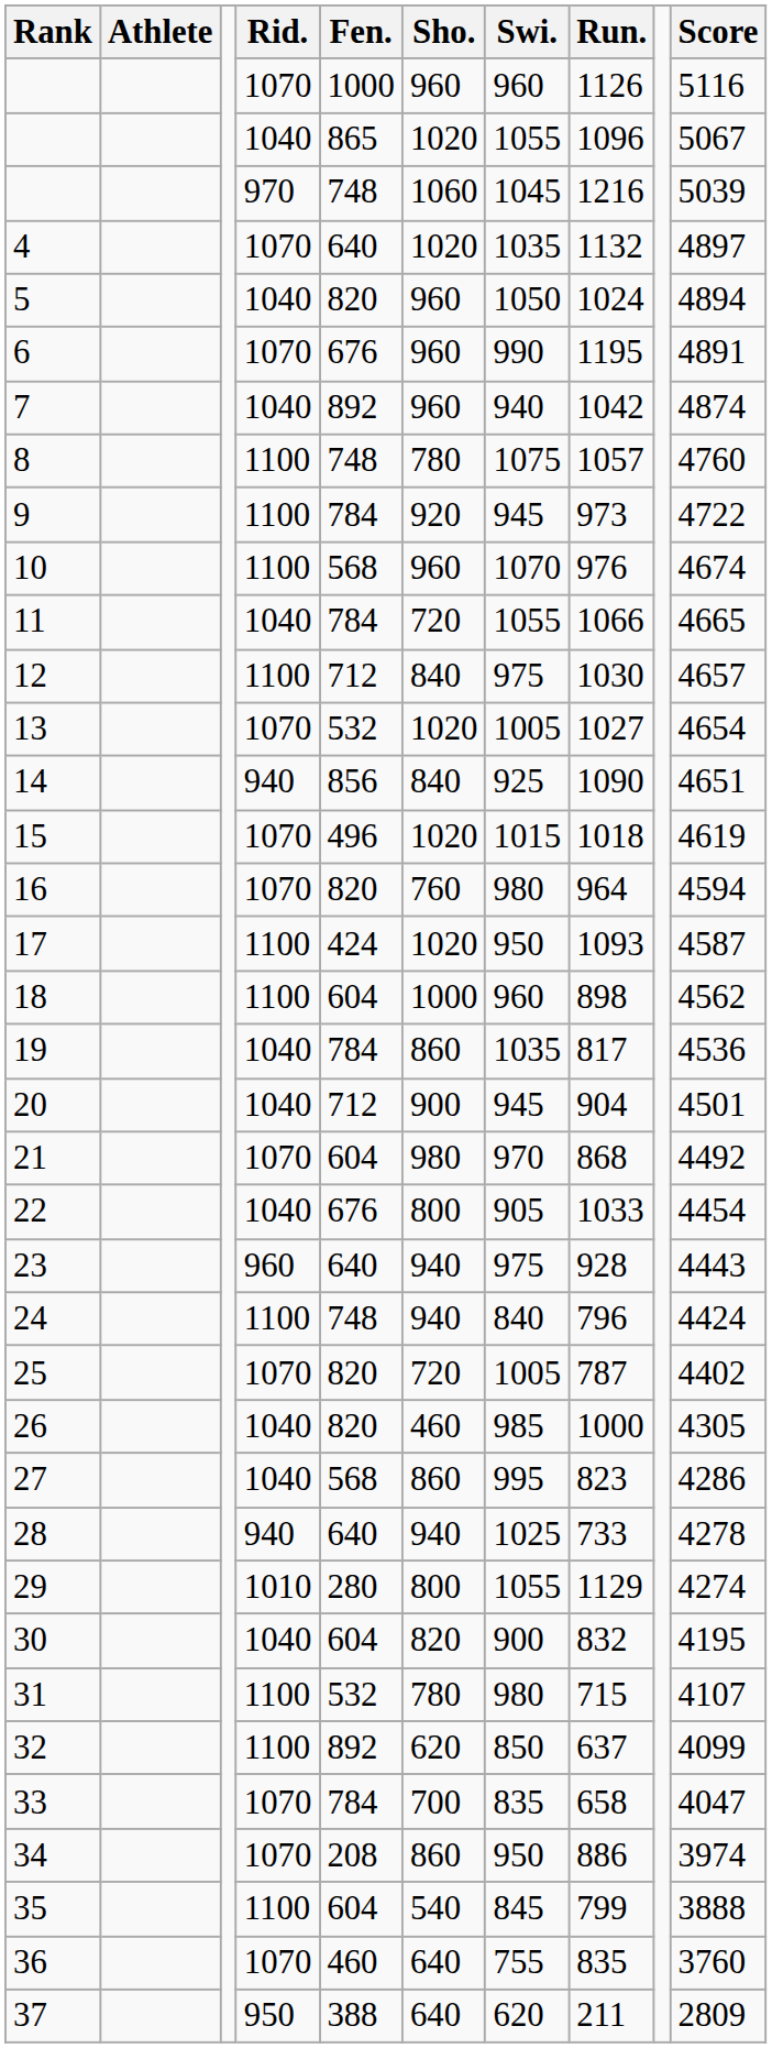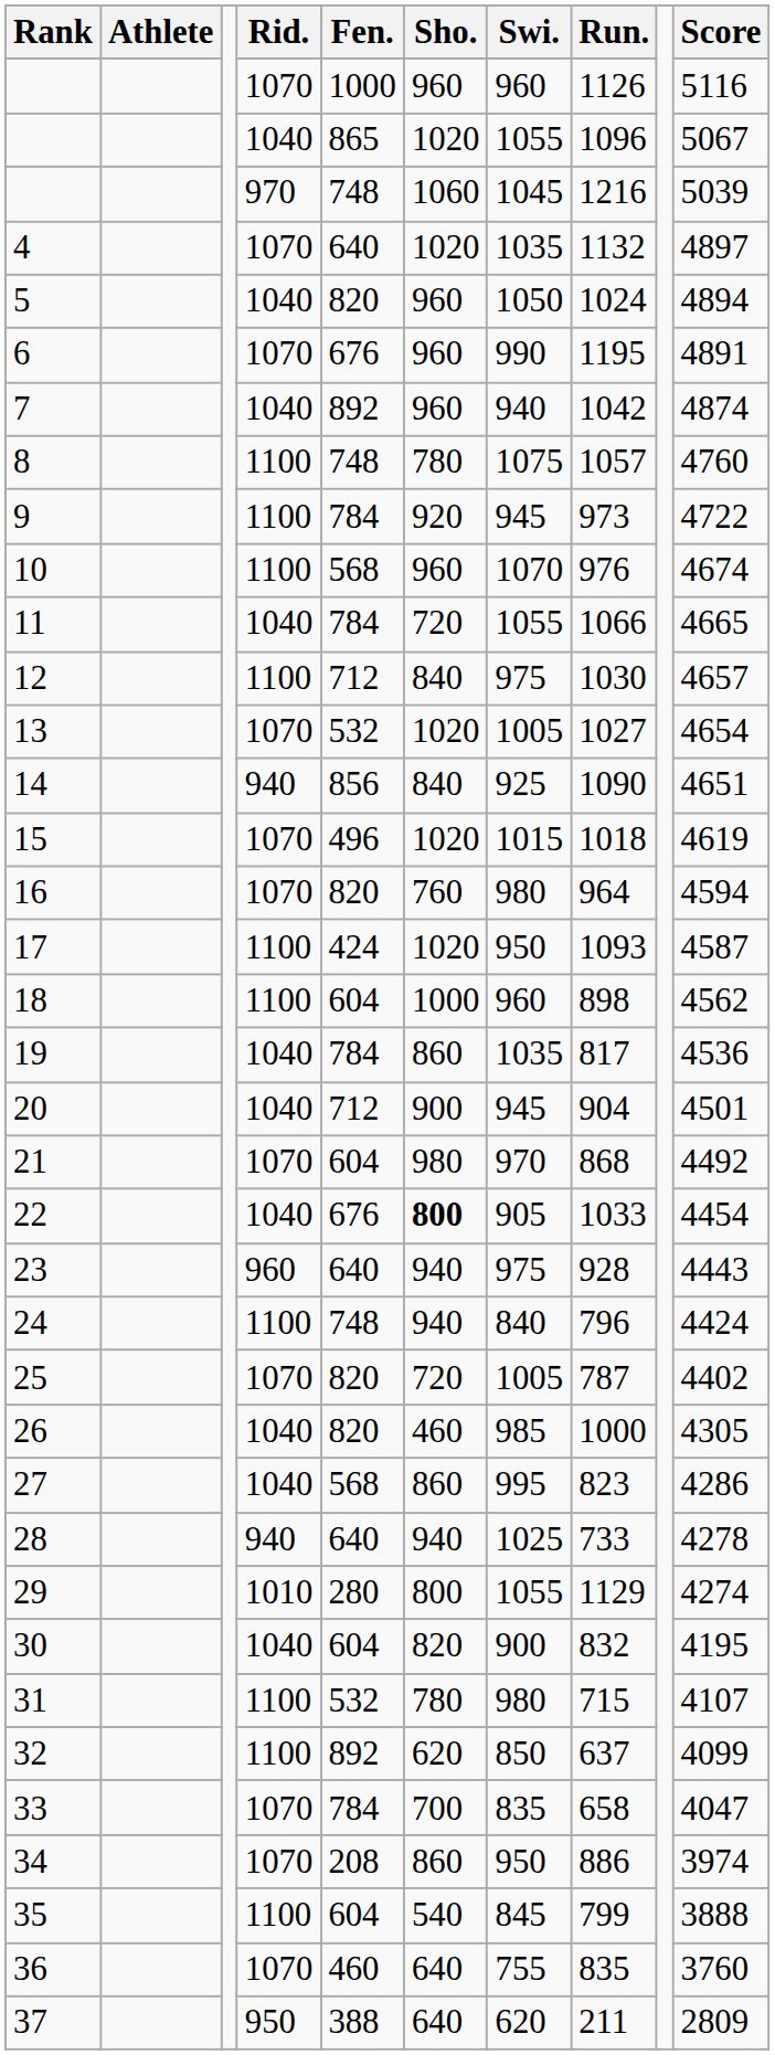 <table class="wikitable">
 <tr>
 <th>Rank</th>
 <th>Athlete</th>
 <td rowspan="38"></td>
 <th>Rid.</th>
 <th>Fen.</th>
 <th>Sho.</th>
 <th>Swi.</th>
 <th>Run.</th>
 <td rowspan="38"></td>
 <th>Score</th>
 </tr>
 <tr>
 <td></td>
 <td></td>
 <td>1070</td>
 <td>1000</td>
 <td>960</td>
 <td>960</td>
 <td>1126</td>
 <td>5116</td>
 </tr>
 <tr>
 <td></td>
 <td></td>
 <td>1040</td>
 <td>865</td>
 <td>1020</td>
 <td>1055</td>
 <td>1096</td>
 <td>5067</td>
 </tr>
 <tr>
 <td></td>
 <td></td>
 <td>970</td>
 <td>748</td>
 <td>1060</td>
 <td>1045</td>
 <td>1216</td>
 <td>5039</td>
 </tr>
 <tr>
 <td>4</td>
 <td></td>
 <td>1070</td>
 <td>640</td>
 <td>1020</td>
 <td>1035</td>
 <td>1132</td>
 <td>4897</td>
 </tr>
 <tr>
 <td>5</td>
 <td></td>
 <td>1040</td>
 <td>820</td>
 <td>960</td>
 <td>1050</td>
 <td>1024</td>
 <td>4894</td>
 </tr>
 <tr>
 <td>6</td>
 <td></td>
 <td>1070</td>
 <td>676</td>
 <td>960</td>
 <td>990</td>
 <td>1195</td>
 <td>4891</td>
 </tr>
 <tr>
 <td>7</td>
 <td></td>
 <td>1040</td>
 <td>892</td>
 <td>960</td>
 <td>940</td>
 <td>1042</td>
 <td>4874</td>
 </tr>
 <tr>
 <td>8</td>
 <td></td>
 <td>1100</td>
 <td>748</td>
 <td>780</td>
 <td>1075</td>
 <td>1057</td>
 <td>4760</td>
 </tr>
 <tr>
 <td>9</td>
 <td></td>
 <td>1100</td>
 <td>784</td>
 <td>920</td>
 <td>945</td>
 <td>973</td>
 <td>4722</td>
 </tr>
 <tr>
 <td>10</td>
 <td></td>
 <td>1100</td>
 <td>568</td>
 <td>960</td>
 <td>1070</td>
 <td>976</td>
 <td>4674</td>
 </tr>
 <tr>
 <td>11</td>
 <td></td>
 <td>1040</td>
 <td>784</td>
 <td>720</td>
 <td>1055</td>
 <td>1066</td>
 <td>4665</td>
 </tr>
 <tr>
 <td>12</td>
 <td></td>
 <td>1100</td>
 <td>712</td>
 <td>840</td>
 <td>975</td>
 <td>1030</td>
 <td>4657</td>
 </tr>
 <tr>
 <td>13</td>
 <td></td>
 <td>1070</td>
 <td>532</td>
 <td>1020</td>
 <td>1005</td>
 <td>1027</td>
 <td>4654</td>
 </tr>
 <tr>
 <td>14</td>
 <td></td>
 <td>940</td>
 <td>856</td>
 <td>840</td>
 <td>925</td>
 <td>1090</td>
 <td>4651</td>
 </tr>
 <tr>
 <td>15</td>
 <td></td>
 <td>1070</td>
 <td>496</td>
 <td>1020</td>
 <td>1015</td>
 <td>1018</td>
 <td>4619</td>
 </tr>
 <tr>
 <td>16</td>
 <td></td>
 <td>1070</td>
 <td>820</td>
 <td>760</td>
 <td>980</td>
 <td>964</td>
 <td>4594</td>
 </tr>
 <tr>
 <td>17</td>
 <td></td>
 <td>1100</td>
 <td>424</td>
 <td>1020</td>
 <td>950</td>
 <td>1093</td>
 <td>4587</td>
 </tr>
 <tr>
 <td>18</td>
 <td></td>
 <td>1100</td>
 <td>604</td>
 <td>1000</td>
 <td>960</td>
 <td>898</td>
 <td>4562</td>
 </tr>
 <tr>
 <td>19</td>
 <td></td>
 <td>1040</td>
 <td>784</td>
 <td>860</td>
 <td>1035</td>
 <td>817</td>
 <td>4536</td>
 </tr>
 <tr>
 <td>20</td>
 <td></td>
 <td>1040</td>
 <td>712</td>
 <td>900</td>
 <td>945</td>
 <td>904</td>
 <td>4501</td>
 </tr>
 <tr>
 <td>21</td>
 <td></td>
 <td>1070</td>
 <td>604</td>
 <td>980</td>
 <td>970</td>
 <td>868</td>
 <td>4492</td>
 </tr>
 <tr>
 <td>22</td>
 <td></td>
 <td>1040</td>
 <td>676</td>
-<td>800</td>
+<td><strong>800</strong></td>
 <td>905</td>
 <td>1033</td>
 <td>4454</td>
 </tr>
 <tr>
 <td>23</td>
 <td></td>
 <td>960</td>
 <td>640</td>
 <td>940</td>
 <td>975</td>
 <td>928</td>
 <td>4443</td>
 </tr>
 <tr>
 <td>24</td>
 <td></td>
 <td>1100</td>
 <td>748</td>
 <td>940</td>
 <td>840</td>
 <td>796</td>
 <td>4424</td>
 </tr>
 <tr>
 <td>25</td>
 <td></td>
 <td>1070</td>
 <td>820</td>
 <td>720</td>
 <td>1005</td>
 <td>787</td>
 <td>4402</td>
 </tr>
 <tr>
 <td>26</td>
 <td></td>
 <td>1040</td>
 <td>820</td>
 <td>460</td>
 <td>985</td>
 <td>1000</td>
 <td>4305</td>
 </tr>
 <tr>
 <td>27</td>
 <td></td>
 <td>1040</td>
 <td>568</td>
 <td>860</td>
 <td>995</td>
 <td>823</td>
 <td>4286</td>
 </tr>
 <tr>
 <td>28</td>
 <td></td>
 <td>940</td>
 <td>640</td>
 <td>940</td>
 <td>1025</td>
 <td>733</td>
 <td>4278</td>
 </tr>
 <tr>
 <td>29</td>
 <td></td>
 <td>1010</td>
 <td>280</td>
 <td>800</td>
 <td>1055</td>
 <td>1129</td>
 <td>4274</td>
 </tr>
 <tr>
 <td>30</td>
 <td></td>
 <td>1040</td>
 <td>604</td>
 <td>820</td>
 <td>900</td>
 <td>832</td>
 <td>4195</td>
 </tr>
 <tr>
 <td>31</td>
 <td></td>
 <td>1100</td>
 <td>532</td>
 <td>780</td>
 <td>980</td>
 <td>715</td>
 <td>4107</td>
 </tr>
 <tr>
 <td>32</td>
 <td></td>
 <td>1100</td>
 <td>892</td>
 <td>620</td>
 <td>850</td>
 <td>637</td>
 <td>4099</td>
 </tr>
 <tr>
 <td>33</td>
 <td></td>
 <td>1070</td>
 <td>784</td>
 <td>700</td>
 <td>835</td>
 <td>658</td>
 <td>4047</td>
 </tr>
 <tr>
 <td>34</td>
 <td></td>
 <td>1070</td>
 <td>208</td>
 <td>860</td>
 <td>950</td>
 <td>886</td>
 <td>3974</td>
 </tr>
 <tr>
 <td>35</td>
 <td></td>
 <td>1100</td>
 <td>604</td>
 <td>540</td>
 <td>845</td>
 <td>799</td>
 <td>3888</td>
 </tr>
 <tr>
 <td>36</td>
 <td></td>
 <td>1070</td>
 <td>460</td>
 <td>640</td>
 <td>755</td>
 <td>835</td>
 <td>3760</td>
 </tr>
 <tr>
 <td>37</td>
 <td></td>
 <td>950</td>
 <td>388</td>
 <td>640</td>
 <td>620</td>
 <td>211</td>
 <td>2809</td>
 </tr>
 </table>
